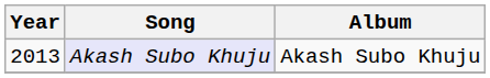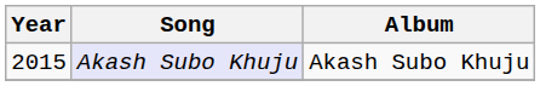 <table class="wikitable">
 <tr>
 <th>Year</th>
 <th>Song</th>
 <th>Album</th>
 </tr>
 <tr>
-<td>2013</td>
+<td>2015</td>
 <td style="background: lavender;"><em>Akash Subo Khuju</em></td>
 <td>Akash Subo Khuju</td>
 </tr>
 <tr>
 </tr>
 </table>
